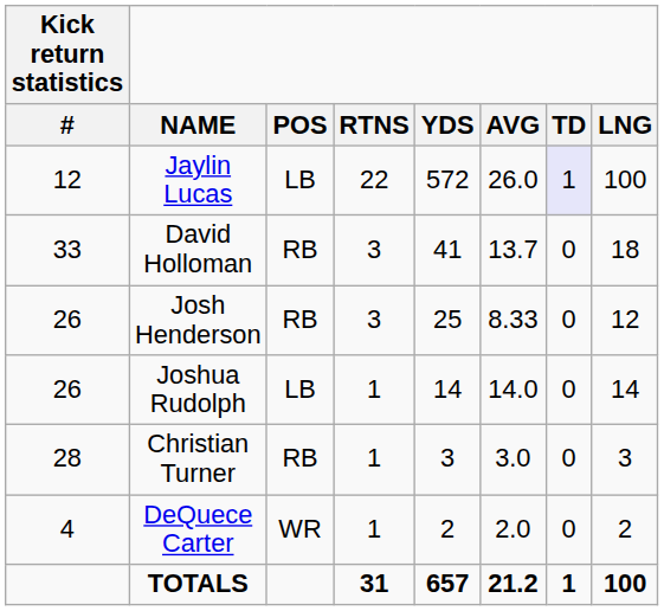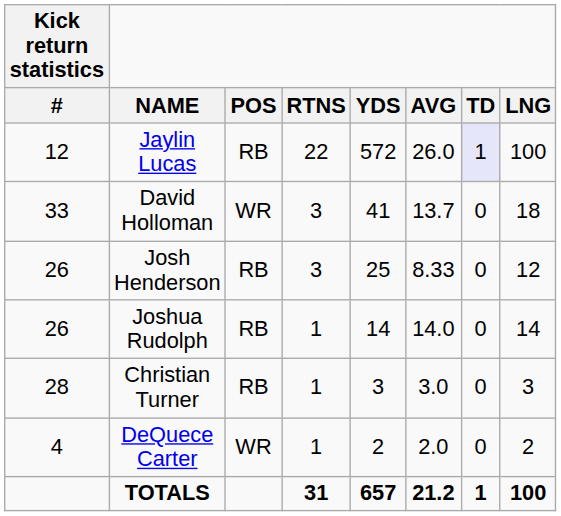 <table style="width:60%; text-align:center;" class="wikitable collapsible collapsed">
 <tr>
 <th style="text-align:center; ">Kick return statistics</th>
 </tr>
 <tr>
 <th>#</th>
 <th>NAME</th>
 <th>POS</th>
 <th>RTNS</th>
 <th>YDS</th>
 <th>AVG</th>
 <th>TD</th>
 <th>LNG</th>
 </tr>
 <tr>
 <td>12</td>
 <td><a href='#'>Jaylin Lucas</a></td>
-<td>LB</td>
+<td>RB</td>
 <td>22</td>
 <td>572</td>
 <td>26.0</td>
 <td style="background: lavender;">1</td>
 <td>100</td>
 </tr>
 <tr>
 <td>33</td>
 <td>David Holloman</td>
-<td>RB</td>
+<td>WR</td>
 <td>3</td>
 <td>41</td>
 <td>13.7</td>
 <td>0</td>
 <td>18</td>
 </tr>
 <tr>
 <td>26</td>
 <td>Josh Henderson</td>
 <td>RB</td>
 <td>3</td>
 <td>25</td>
 <td>8.33</td>
 <td>0</td>
 <td>12</td>
 </tr>
 <tr>
 <td>26</td>
 <td>Joshua Rudolph</td>
-<td>LB</td>
+<td>RB</td>
 <td>1</td>
 <td>14</td>
 <td>14.0</td>
 <td>0</td>
 <td>14</td>
 </tr>
 <tr>
 <td>28</td>
 <td>Christian Turner</td>
 <td>RB</td>
 <td>1</td>
 <td>3</td>
 <td>3.0</td>
 <td>0</td>
 <td>3</td>
 </tr>
 <tr>
 <td>4</td>
 <td><a href='#'>DeQuece Carter</a></td>
 <td>WR</td>
 <td>1</td>
 <td>2</td>
 <td>2.0</td>
 <td>0</td>
 <td>2</td>
 </tr>
 <tr>
 <td></td>
 <td><strong>TOTALS</strong></td>
 <td></td>
 <td><strong>31</strong></td>
 <td><strong>657</strong></td>
 <td><strong>21.2</strong></td>
 <td><strong>1</strong></td>
 <td><strong>100</strong></td>
 </tr>
 </table>
